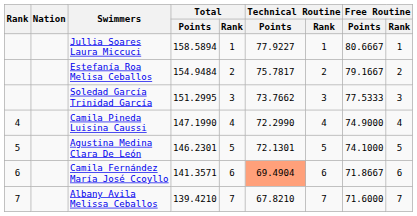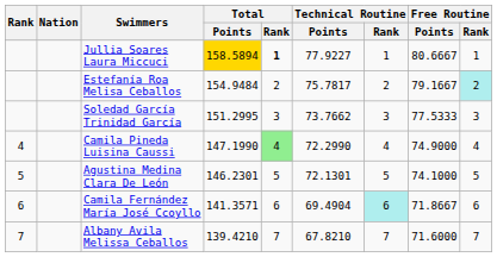 <table class="wikitable sortable" style="text-align:center">
 <tr>
 <th rowspan=2>Rank</th>
 <th rowspan=2>Nation</th>
 <th rowspan=2>Swimmers</th>
 <th colspan=2>Total</th>
 <th colspan=2>Technical Routine</th>
 <th colspan=2>Free Routine</th>
 </tr>
 <tr>
 <th>Points</th>
 <th>Rank</th>
 <th>Points</th>
 <th>Rank</th>
 <th>Points</th>
 <th>Rank</th>
 </tr>
 <tr>
 <td></td>
 <td align=left></td>
 <td align=left><a href='#'>Jullia Soares</a><br><a href='#'>Laura Miccuci</a></td>
-<td>158.5894</td>
-<td>1</td>
+<td style="background: gold;">158.5894</td>
+<td><strong>1</strong></td>
 <td>77.9227</td>
 <td>1</td>
 <td>80.6667</td>
 <td>1</td>
 </tr>
 <tr>
 <td></td>
 <td align=left></td>
 <td align=left><a href='#'>Estefanía Roa</a><br><a href='#'>Melisa Ceballos</a></td>
 <td>154.9484</td>
 <td>2</td>
 <td>75.7817</td>
 <td>2</td>
 <td>79.1667</td>
-<td>2</td>
+<td style="background: paleturquoise;">2</td>
 </tr>
 <tr>
 <td></td>
 <td align=left></td>
 <td align=left><a href='#'>Soledad García</a><br><a href='#'>Trinidad García</a></td>
 <td>151.2995</td>
 <td>3</td>
 <td>73.7662</td>
 <td>3</td>
 <td>77.5333</td>
 <td>3</td>
 </tr>
 <tr>
 <td>4</td>
 <td align=left></td>
 <td align=left><a href='#'>Camila Pineda</a><br><a href='#'>Luisina Caussi</a></td>
 <td>147.1990</td>
-<td>4</td>
+<td style="background: lightgreen;">4</td>
 <td>72.2990</td>
 <td>4</td>
 <td>74.9000</td>
 <td>4</td>
 </tr>
 <tr>
 <td>5</td>
 <td align=left></td>
 <td align=left><a href='#'>Agustina Medina</a><br><a href='#'>Clara De León</a></td>
 <td>146.2301</td>
 <td>5</td>
 <td>72.1301</td>
 <td>5</td>
 <td>74.1000</td>
 <td>5</td>
 </tr>
 <tr>
 <td>6</td>
 <td align=left></td>
 <td align=left><a href='#'>Camila Fernández</a><br><a href='#'>María José Ccoyllo</a></td>
 <td>141.3571</td>
 <td>6</td>
-<td style="background: lightsalmon;">69.4904</td>
-<td>6</td>
+<td>69.4904</td>
+<td style="background: paleturquoise;">6</td>
 <td>71.8667</td>
 <td>6</td>
 </tr>
 <tr>
 <td>7</td>
 <td align=left></td>
 <td align=left><a href='#'>Albany Avila</a><br><a href='#'>Melissa Ceballos</a></td>
 <td>139.4210</td>
 <td>7</td>
 <td>67.8210</td>
 <td>7</td>
 <td>71.6000</td>
 <td>7</td>
 </tr>
 </table>
